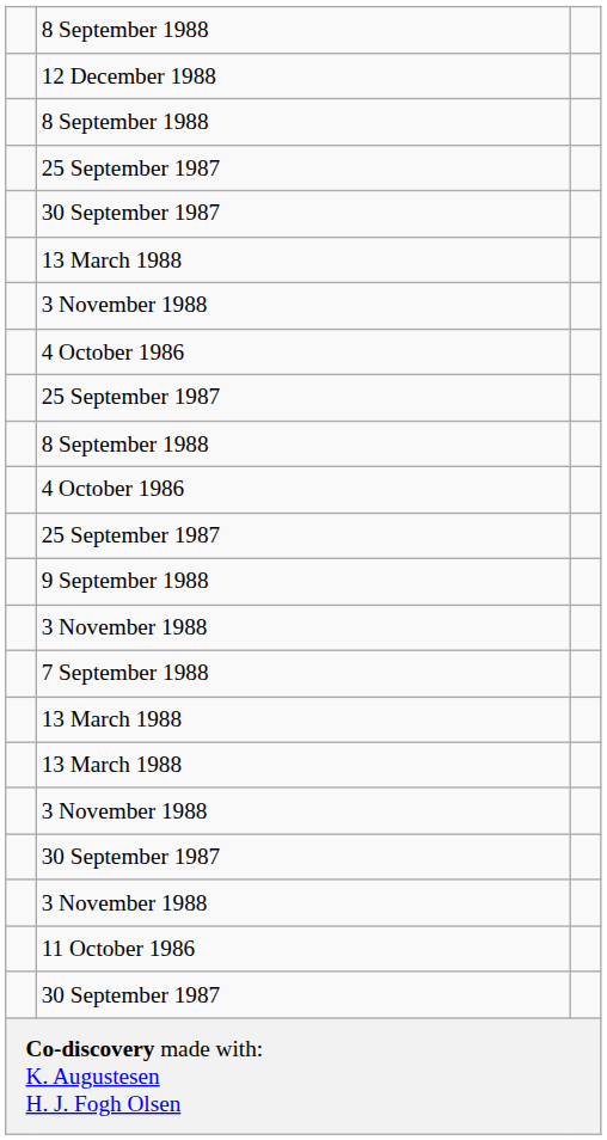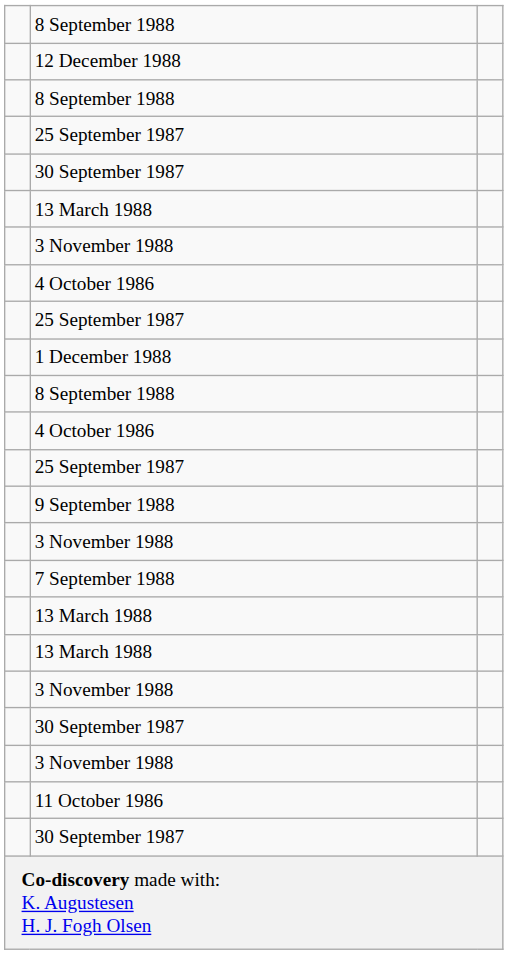 <table class="wikitable" style="font-size: 89%; float: left; width: 26em; margin-right: 1em; height: 700px;">
 <tr>
 <td></td>
 <td>8 September 1988</td>
 <td></td>
 </tr>
 <tr>
 <td></td>
 <td>12 December 1988</td>
 <td></td>
 </tr>
 <tr>
 <td></td>
 <td>8 September 1988</td>
 <td></td>
 </tr>
 <tr>
 <td></td>
 <td>25 September 1987</td>
 <td></td>
 </tr>
 <tr>
 <td></td>
 <td>30 September 1987</td>
 <td></td>
 </tr>
 <tr>
 <td></td>
 <td>13 March 1988</td>
 <td></td>
 </tr>
 <tr>
 <td></td>
 <td>3 November 1988</td>
 <td></td>
 </tr>
 <tr>
 <td></td>
 <td>4 October 1986</td>
 <td></td>
 </tr>
 <tr>
 <td></td>
 <td>25 September 1987</td>
+<td></td>
+</tr>
+<tr>
+<td></td>
+<td>1 December 1988</td>
 <td></td>
 </tr>
 <tr>
 <td></td>
 <td>8 September 1988</td>
 <td></td>
 </tr>
 <tr>
 <td></td>
 <td>4 October 1986</td>
 <td></td>
 </tr>
 <tr>
 <td></td>
 <td>25 September 1987</td>
 <td></td>
 </tr>
 <tr>
 <td></td>
 <td>9 September 1988</td>
 <td></td>
 </tr>
 <tr>
 <td></td>
 <td>3 November 1988</td>
 <td></td>
 </tr>
 <tr>
 <td></td>
 <td>7 September 1988</td>
 <td></td>
 </tr>
 <tr>
 <td></td>
 <td>13 March 1988</td>
 <td></td>
 </tr>
 <tr>
 <td></td>
 <td>13 March 1988</td>
 <td></td>
 </tr>
 <tr>
 <td></td>
 <td>3 November 1988</td>
 <td></td>
 </tr>
 <tr>
 <td></td>
 <td>30 September 1987</td>
 <td></td>
 </tr>
 <tr>
 <td></td>
 <td>3 November 1988</td>
 <td></td>
 </tr>
 <tr>
 <td></td>
 <td>11 October 1986</td>
 <td></td>
 </tr>
 <tr>
 <td></td>
 <td>30 September 1987</td>
 <td></td>
 </tr>
 <tr>
 <th colspan=3 style="font-weight: normal; text-align: left; padding: 4px 12px;"><strong>Co-discovery</strong> made with:<br> <a href='#'>K. Augustesen</a><br> <a href='#'>H. J. Fogh Olsen</a></th>
 </tr>
 </table>
